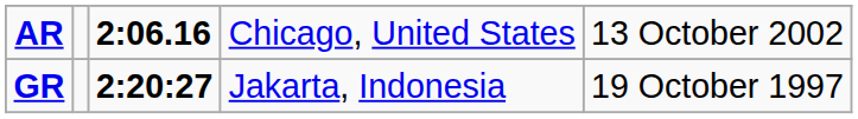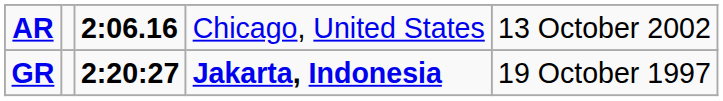 <table class="wikitable" style="font-size:95%; position:relative;">
 <tr>
 <td align=center><strong><a href='#'>AR</a></strong></td>
 <td></td>
 <td><strong>2:06.16</strong></td>
 <td><a href='#'>Chicago</a>, <a href='#'>United States</a></td>
 <td>13 October 2002</td>
 </tr>
 <tr>
 <td align=center><strong><a href='#'>GR</a></strong></td>
 <td></td>
 <td><strong>2:20:27</strong></td>
-<td><a href='#'>Jakarta</a>, <a href='#'>Indonesia</a></td>
+<td><strong><a href='#'>Jakarta</a>, <a href='#'>Indonesia</a></strong></td>
 <td>19 October 1997</td>
 </tr>
 </table>
